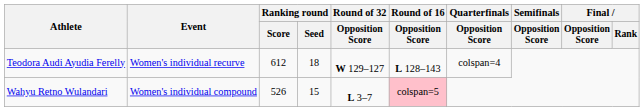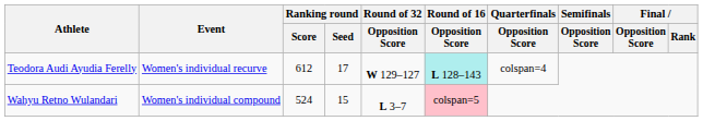 <table class="wikitable" style="text-align:center; font-size:90%">
 <tr>
 <th rowspan=2>Athlete</th>
 <th rowspan=2>Event</th>
 <th colspan=2>Ranking round</th>
 <th>Round of 32</th>
 <th>Round of 16</th>
 <th>Quarterfinals</th>
 <th>Semifinals</th>
 <th colspan=2>Final / </th>
 </tr>
 <tr style="font-size:95%">
 <th>Score</th>
 <th>Seed</th>
 <th>Opposition<br>Score</th>
 <th>Opposition<br>Score</th>
 <th>Opposition<br>Score</th>
 <th>Opposition<br>Score</th>
 <th>Opposition<br>Score</th>
 <th>Rank</th>
 </tr>
 <tr>
 <td align=left><a href='#'>Teodora Audi Ayudia Ferelly</a></td>
 <td align=left><a href='#'>Women's individual recurve</a></td>
 <td>612</td>
-<td>18</td>
+<td>17</td>
 <td><br><strong>W</strong> 129–127</td>
-<td><br><strong>L</strong> 128–143</td>
+<td style="background: paleturquoise;"><br><strong>L</strong> 128–143</td>
 <td>colspan=4 </td>
 </tr>
 <tr>
 <td align=left><a href='#'>Wahyu Retno Wulandari</a></td>
 <td align=left><a href='#'>Women's individual compound</a></td>
-<td>526</td>
+<td>524</td>
 <td>15</td>
 <td><br><strong>L</strong> 3–7</td>
 <td style="background: pink;">colspan=5 </td>
 </tr>
 </table>
